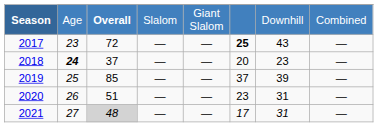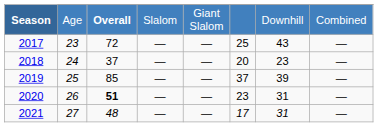 <table class="wikitable"  style="font-size:95%; text-align:center; border:gray solid 1px; width:40%;">
 <tr style="background:#369; color:white;">
 <td rowspan="2" style="width:6%;"><strong>Season</strong></td>
 </tr>
 <tr style="background:#4180be; color:white;">
 <td style="width:3%;">Age</td>
 <td style="width:5%;"><strong>Overall</strong></td>
 <td style="width:5%;">Slalom</td>
 <td style="width:5%;">Giant<br>Slalom</td>
 <td style="width:5%;"></td>
 <td style="width:5%;">Downhill</td>
 <td style="width:5%;">Combined</td>
 </tr>
 <tr>
 <td><a href='#'>2017</a></td>
 <td><em>23</em></td>
 <td>72</td>
 <td>—</td>
 <td>—</td>
-<td><strong>25</strong></td>
+<td>25</td>
 <td>43</td>
 <td>—</td>
 </tr>
 <tr>
 <td><a href='#'>2018</a></td>
-<td><strong><em>24</em></strong></td>
+<td><em>24</em></td>
 <td>37</td>
 <td>—</td>
 <td>—</td>
 <td>20</td>
 <td>23</td>
 <td>—</td>
 </tr>
 <tr>
 <td><a href='#'>2019</a></td>
 <td><em>25</em></td>
 <td>85</td>
 <td>—</td>
 <td>—</td>
 <td>37</td>
 <td>39</td>
 <td>—</td>
 </tr>
 <tr>
 <td><a href='#'>2020</a></td>
 <td><em>26</em></td>
-<td>51</td>
+<td><strong>51</strong></td>
 <td>—</td>
 <td>—</td>
 <td>23</td>
 <td>31</td>
 <td>—</td>
 </tr>
 <tr>
 <td><a href='#'>2021</a></td>
 <td><em>27</em></td>
-<td style="background: lightgrey;"><em>48</em></td>
+<td><em>48</em></td>
 <td>—</td>
 <td>—</td>
 <td><em>17</em></td>
 <td><em>31</em></td>
 <td>—</td>
 </tr>
 </table>
